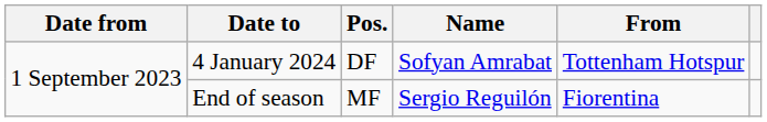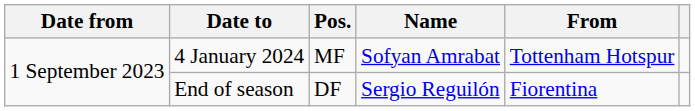 <table class="wikitable">
 <tr>
 <th>Date from</th>
 <th>Date to</th>
 <th>Pos.</th>
 <th>Name</th>
 <th>From</th>
 <th></th>
 </tr>
 <tr>
 <td rowspan="2">1 September 2023</td>
 <td>4 January 2024</td>
-<td>DF</td>
+<td>MF</td>
 <td> <a href='#'>Sofyan Amrabat</a></td>
 <td> <a href='#'>Tottenham Hotspur</a></td>
 <td></td>
 </tr>
 <tr>
 <td>End of season</td>
-<td>MF</td>
+<td>DF</td>
 <td> <a href='#'>Sergio Reguilón</a></td>
 <td> <a href='#'>Fiorentina</a></td>
 <td></td>
 </tr>
 </table>
